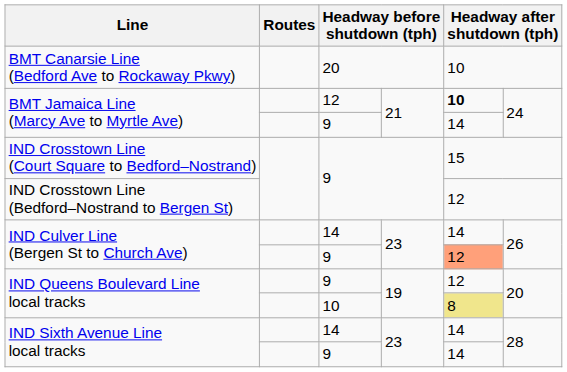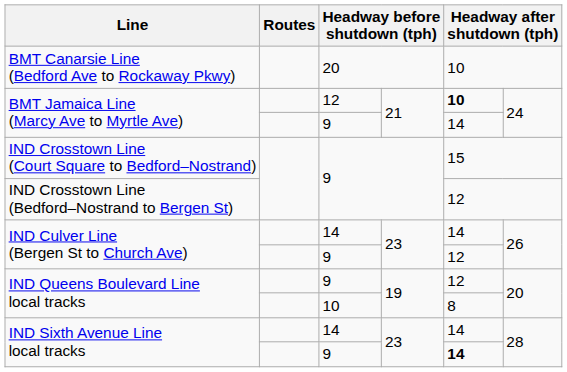 <table class="wikitable" style="float:right;margin-left:1em;">
 <tr>
 <th>Line</th>
 <th>Routes</th>
 <th colspan="2">Headway before<br>shutdown (tph)</th>
 <th colspan="2">Headway after<br>shutdown (tph)</th>
 </tr>
 <tr>
 <td><a href='#'>BMT Canarsie Line</a><br>(<a href='#'>Bedford Ave</a> to <a href='#'>Rockaway Pkwy</a>)</td>
 <td></td>
 <td colspan="2">20</td>
 <td colspan="2"> 10</td>
 </tr>
 <tr>
 <td rowspan="2"><a href='#'>BMT Jamaica Line</a><br>(<a href='#'>Marcy Ave</a> to <a href='#'>Myrtle Ave</a>)</td>
 <td> </td>
 <td>12</td>
 <td rowspan="2">21</td>
 <td><strong> 10</strong></td>
 <td rowspan="2"> 24</td>
 </tr>
 <tr>
 <td></td>
 <td>9</td>
 <td> 14</td>
 </tr>
 <tr>
 <td><a href='#'>IND Crosstown Line</a><br>(<a href='#'>Court Square</a> to <a href='#'>Bedford–Nostrand</a>)</td>
 <td rowspan="2"></td>
 <td colspan="2" rowspan="2">9</td>
 <td colspan="2"> 15</td>
 </tr>
 <tr>
 <td>IND Crosstown Line<br>(Bedford–Nostrand to <a href='#'>Bergen St</a>)</td>
 <td colspan="2"> 12</td>
 </tr>
 <tr>
 <td rowspan="2"><a href='#'>IND Culver Line</a><br>(Bergen St to <a href='#'>Church Ave</a>)</td>
 <td></td>
 <td>14</td>
 <td rowspan="2">23</td>
 <td> 14</td>
 <td rowspan="2"> 26</td>
 </tr>
 <tr>
 <td></td>
 <td>9</td>
-<td style="background: lightsalmon;"> 12</td>
+<td> 12</td>
 </tr>
 <tr>
 <td rowspan="2"><a href='#'>IND Queens Boulevard Line</a><br>local tracks</td>
 <td></td>
 <td>9</td>
 <td rowspan="2">19</td>
 <td> 12</td>
 <td rowspan="2"> 20</td>
 </tr>
 <tr>
 <td></td>
 <td>10</td>
-<td style="background: khaki;"> 8</td>
+<td> 8</td>
 </tr>
 <tr>
 <td rowspan="2"><a href='#'>IND Sixth Avenue Line</a><br>local tracks</td>
 <td></td>
 <td>14</td>
 <td rowspan="2">23</td>
 <td> 14</td>
 <td rowspan="2"> 28</td>
 </tr>
 <tr>
 <td></td>
 <td>9</td>
-<td> 14</td>
+<td><strong> 14</strong></td>
 </tr>
 </table>
